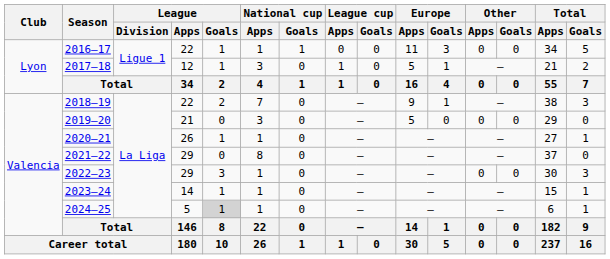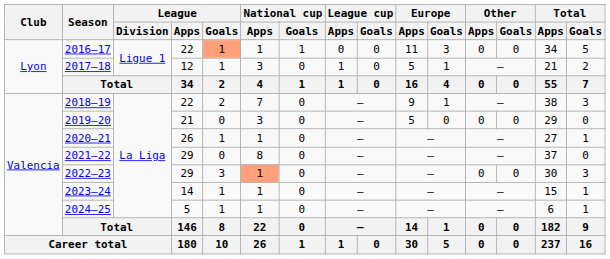 <table class="wikitable" style="text-align: center;">
 <tr>
 <th rowspan="2">Club</th>
 <th rowspan="2">Season</th>
 <th colspan="3">League</th>
 <th colspan="2">National cup</th>
 <th colspan="2">League cup</th>
 <th colspan="2">Europe</th>
 <th colspan="2">Other</th>
 <th colspan="2">Total</th>
 </tr>
 <tr>
 <th>Division</th>
 <th>Apps</th>
 <th>Goals</th>
 <th>Apps</th>
 <th>Goals</th>
 <th>Apps</th>
 <th>Goals</th>
 <th>Apps</th>
 <th>Goals</th>
 <th>Apps</th>
 <th>Goals</th>
 <th>Apps</th>
 <th>Goals</th>
 </tr>
 <tr>
 <td valign="center" rowspan="3"><a href='#'>Lyon</a></td>
 <td><a href='#'>2016–17</a></td>
 <td rowspan="2"><a href='#'>Ligue 1</a></td>
 <td>22</td>
-<td>1</td>
+<td style="background: lightsalmon;">1</td>
 <td>1</td>
 <td>1</td>
 <td>0</td>
 <td>0</td>
 <td>11</td>
 <td>3</td>
 <td>0</td>
 <td>0</td>
 <td>34</td>
 <td>5</td>
 </tr>
 <tr>
 <td><a href='#'>2017–18</a></td>
 <td>12</td>
 <td>1</td>
 <td>3</td>
 <td>0</td>
 <td>1</td>
 <td>0</td>
 <td>5</td>
 <td>1</td>
 <td colspan="2">—</td>
 <td>21</td>
 <td>2</td>
 </tr>
 <tr>
 <th colspan="2">Total</th>
 <th>34</th>
 <th>2</th>
 <th>4</th>
 <th>1</th>
 <th>1</th>
 <th>0</th>
 <th>16</th>
 <th>4</th>
 <th>0</th>
 <th>0</th>
 <th>55</th>
 <th>7</th>
 </tr>
 <tr>
 <td valign="center" rowspan="8"><a href='#'>Valencia</a></td>
 <td><a href='#'>2018–19</a></td>
 <td rowspan="7"><a href='#'>La Liga</a></td>
 <td>22</td>
 <td>2</td>
 <td>7</td>
 <td>0</td>
 <td colspan="2">—</td>
 <td>9</td>
 <td>1</td>
 <td colspan="2">—</td>
 <td>38</td>
 <td>3</td>
 </tr>
 <tr>
 <td><a href='#'>2019–20</a></td>
 <td>21</td>
 <td>0</td>
 <td>3</td>
 <td>0</td>
 <td colspan="2">—</td>
 <td>5</td>
 <td>0</td>
 <td>0</td>
 <td>0</td>
 <td>29</td>
 <td>0</td>
 </tr>
 <tr>
 <td><a href='#'>2020–21</a></td>
 <td>26</td>
 <td>1</td>
 <td>1</td>
 <td>0</td>
 <td colspan="2">—</td>
 <td colspan="2">—</td>
 <td colspan="2">—</td>
 <td>27</td>
 <td>1</td>
 </tr>
 <tr>
 <td><a href='#'>2021–22</a></td>
 <td>29</td>
 <td>0</td>
 <td>8</td>
 <td>0</td>
 <td colspan="2">—</td>
 <td colspan="2">—</td>
 <td colspan="2">—</td>
 <td>37</td>
 <td>0</td>
 </tr>
 <tr>
 <td><a href='#'>2022–23</a></td>
 <td>29</td>
 <td>3</td>
-<td>1</td>
+<td style="background: lightsalmon;">1</td>
 <td>0</td>
 <td colspan="2">—</td>
 <td colspan="2">—</td>
 <td>0</td>
 <td>0</td>
 <td>30</td>
 <td>3</td>
 </tr>
 <tr>
 <td><a href='#'>2023–24</a></td>
 <td>14</td>
 <td>1</td>
 <td>1</td>
 <td>0</td>
 <td colspan="2">—</td>
 <td colspan="2">—</td>
 <td colspan="2">—</td>
 <td>15</td>
 <td>1</td>
 </tr>
 <tr>
 <td><a href='#'>2024–25</a></td>
 <td>5</td>
-<td style="background: lightgrey;">1</td>
+<td>1</td>
 <td>1</td>
 <td>0</td>
 <td colspan="2">—</td>
 <td colspan="2">—</td>
 <td colspan="2">—</td>
 <td>6</td>
 <td>1</td>
 </tr>
 <tr>
 <th colspan="2">Total</th>
 <th>146</th>
 <th>8</th>
 <th>22</th>
 <th>0</th>
 <th colspan="2">—</th>
 <th>14</th>
 <th>1</th>
 <th>0</th>
 <th>0</th>
 <th>182</th>
 <th>9</th>
 </tr>
 <tr>
 <th colspan="3">Career total</th>
 <th>180</th>
 <th>10</th>
 <th>26</th>
 <th>1</th>
 <th>1</th>
 <th>0</th>
 <th>30</th>
 <th>5</th>
 <th>0</th>
 <th>0</th>
 <th>237</th>
 <th>16</th>
 </tr>
 </table>
